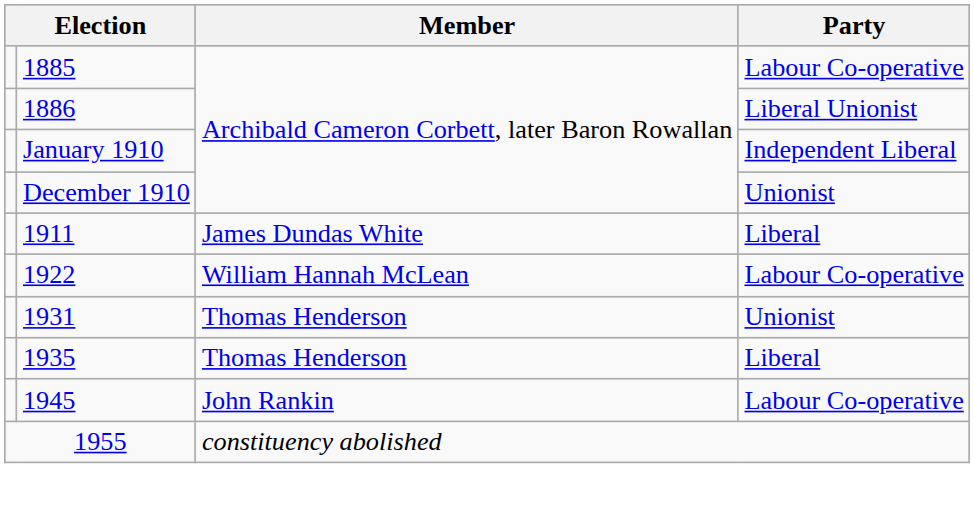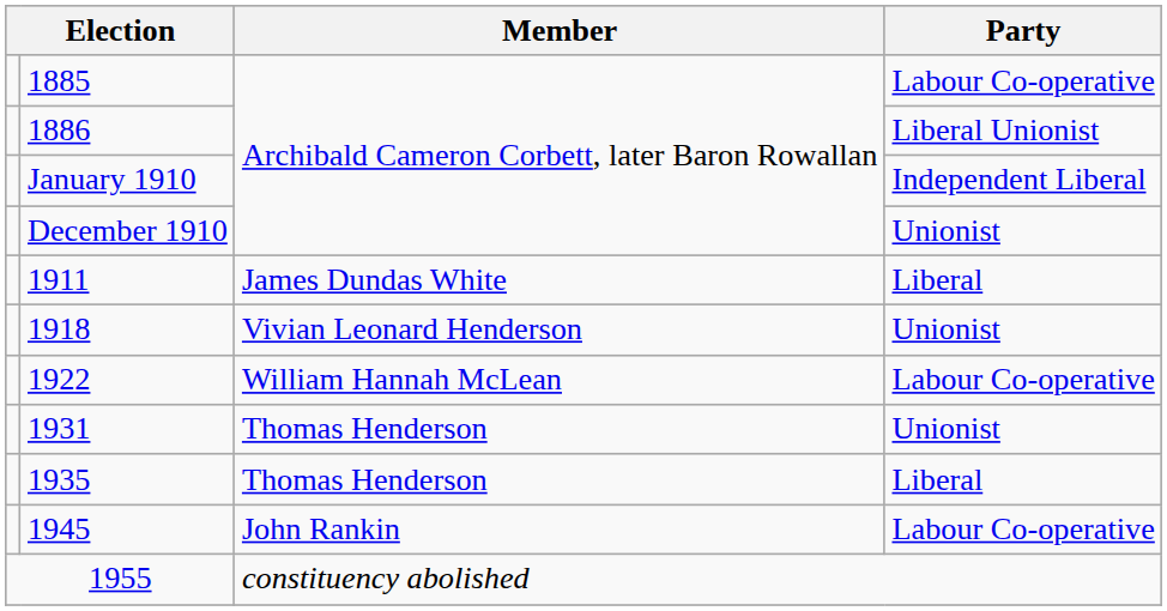 <table class="wikitable">
 <tr>
 <th colspan="2">Election</th>
 <th>Member  </th>
 <th>Party</th>
 </tr>
 <tr>
 <td style="color:inherit;background-color: "></td>
 <td><a href='#'>1885</a></td>
 <td rowspan="4"><a href='#'>Archibald Cameron Corbett</a>, later Baron Rowallan</td>
 <td><a href='#'>Labour Co-operative</a></td>
 </tr>
 <tr>
 <td style="color:inherit;background-color: "></td>
 <td><a href='#'>1886</a></td>
 <td><a href='#'>Liberal Unionist</a></td>
 </tr>
 <tr>
 <td style="color:inherit;background-color: "></td>
 <td><a href='#'>January 1910</a></td>
 <td><a href='#'>Independent Liberal</a></td>
 </tr>
 <tr>
 <td style="color:inherit;background-color: "></td>
 <td><a href='#'>December 1910</a></td>
 <td><a href='#'>Unionist</a></td>
 </tr>
 <tr>
 <td style="color:inherit;background-color: "></td>
 <td><a href='#'>1911</a></td>
 <td><a href='#'>James Dundas White</a></td>
 <td><a href='#'>Liberal</a></td>
 </tr>
 <tr>
 <td style="color:inherit;background-color: "></td>
+<td><a href='#'>1918</a></td>
+<td><a href='#'>Vivian Leonard Henderson</a></td>
+<td><a href='#'>Unionist</a></td>
+</tr>
+<tr>
+<td style="color:inherit;background-color: "></td>
 <td><a href='#'>1922</a></td>
 <td><a href='#'>William Hannah McLean</a></td>
 <td><a href='#'>Labour Co-operative</a></td>
 </tr>
 <tr>
 <td style="color:inherit;background-color: "></td>
 <td><a href='#'>1931</a></td>
 <td><a href='#'>Thomas Henderson</a></td>
 <td><a href='#'>Unionist</a></td>
 </tr>
 <tr>
 <td style="color:inherit;background-color: "></td>
 <td><a href='#'>1935</a></td>
 <td><a href='#'>Thomas Henderson</a></td>
 <td><a href='#'>Liberal</a></td>
 </tr>
 <tr>
 <td style="color:inherit;background-color: "></td>
 <td><a href='#'>1945</a></td>
 <td><a href='#'>John Rankin</a></td>
 <td><a href='#'>Labour Co-operative</a></td>
 </tr>
 <tr>
 <td colspan="2" align="center"><a href='#'>1955</a></td>
 <td colspan="2"><em>constituency abolished</em></td>
 </tr>
 </table>
